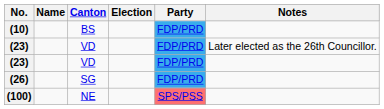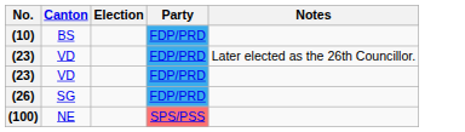 <table class="wikitable sortable" style="text-align:center">
 <tr style="background:#cccccc">
 <th>No.</th>
-<th>Name</th>
 <th><a href='#'>Canton</a></th>
 <th>Election</th>
 <th>Party</th>
 <th class="unsortable">Notes</th>
 </tr>
 <tr>
 <th style="background:">(10)</th>
-<td></td>
 <td><a href='#'>BS</a></td>
 <td></td>
 <td bgcolor=#38ACEC><a href='#'>FDP/PRD</a></td>
 <td></td>
 </tr>
 <tr>
 <th style="background:">(23)</th>
-<td></td>
 <td><a href='#'>VD</a></td>
 <td></td>
 <td bgcolor=#38ACEC><a href='#'>FDP/PRD</a></td>
 <td>Later elected as the 26th Councillor.</td>
 </tr>
 <tr>
 <th style="background:">(23)</th>
-<td></td>
 <td><a href='#'>VD</a></td>
 <td></td>
 <td bgcolor=#38ACEC><a href='#'>FDP/PRD</a></td>
 <td></td>
 </tr>
 <tr>
 <th style="background:">(26)</th>
-<td></td>
 <td><a href='#'>SG</a></td>
 <td></td>
 <td bgcolor=#38ACEC><a href='#'>FDP/PRD</a></td>
 <td></td>
 </tr>
 <tr>
 <th style="background:">(100)</th>
-<td></td>
 <td><a href='#'>NE</a></td>
 <td></td>
 <td bgcolor=#FF7070><a href='#'>SPS/PSS</a></td>
 <td></td>
 </tr>
 </table>
